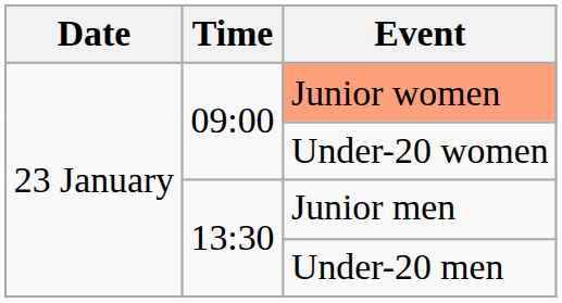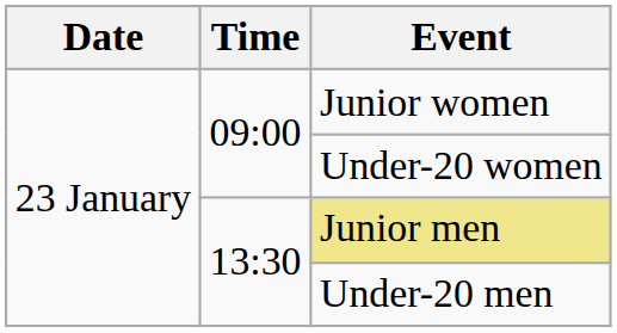 <table class="wikitable">
 <tr>
 <th>Date</th>
 <th>Time</th>
 <th>Event</th>
 </tr>
 <tr>
 <td rowspan="4">23 January</td>
 <td rowspan="2">09:00</td>
-<td style="background: lightsalmon;">Junior women</td>
+<td>Junior women</td>
 </tr>
 <tr>
 <td>Under-20 women</td>
 </tr>
 <tr>
 <td rowspan="2">13:30</td>
-<td>Junior men</td>
+<td style="background: khaki;">Junior men</td>
 </tr>
 <tr>
 <td>Under-20 men</td>
 </tr>
 </table>
